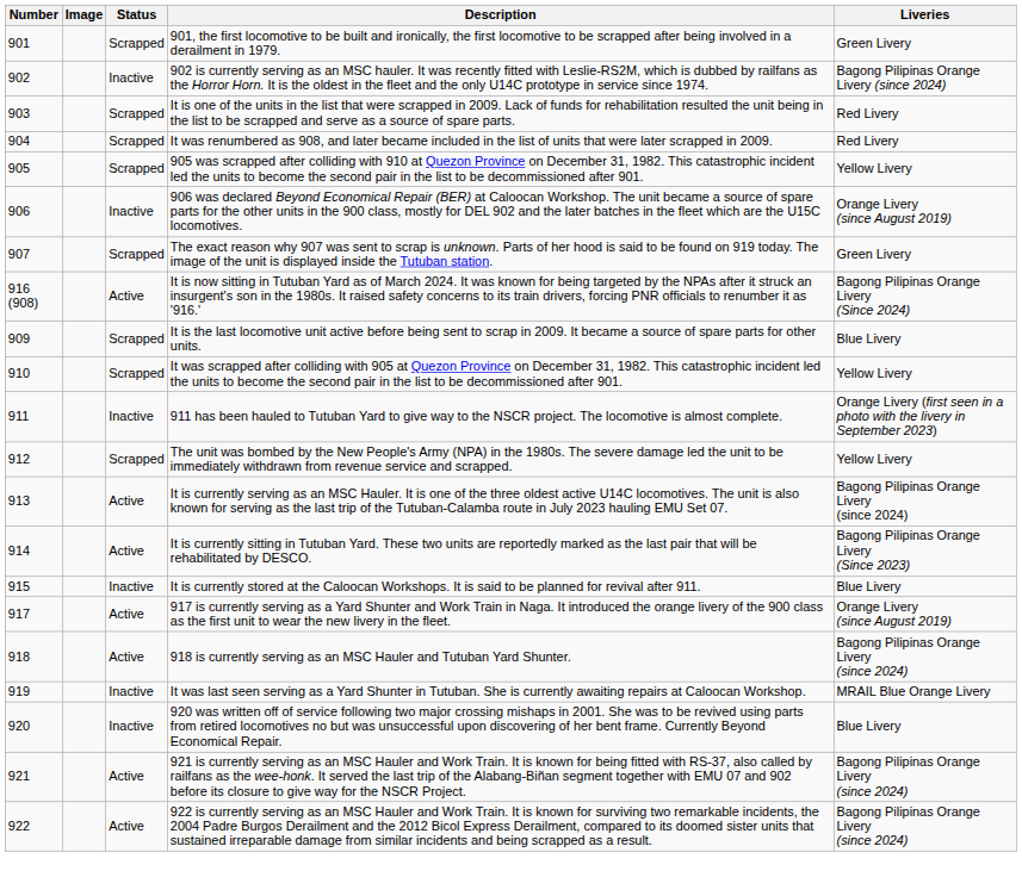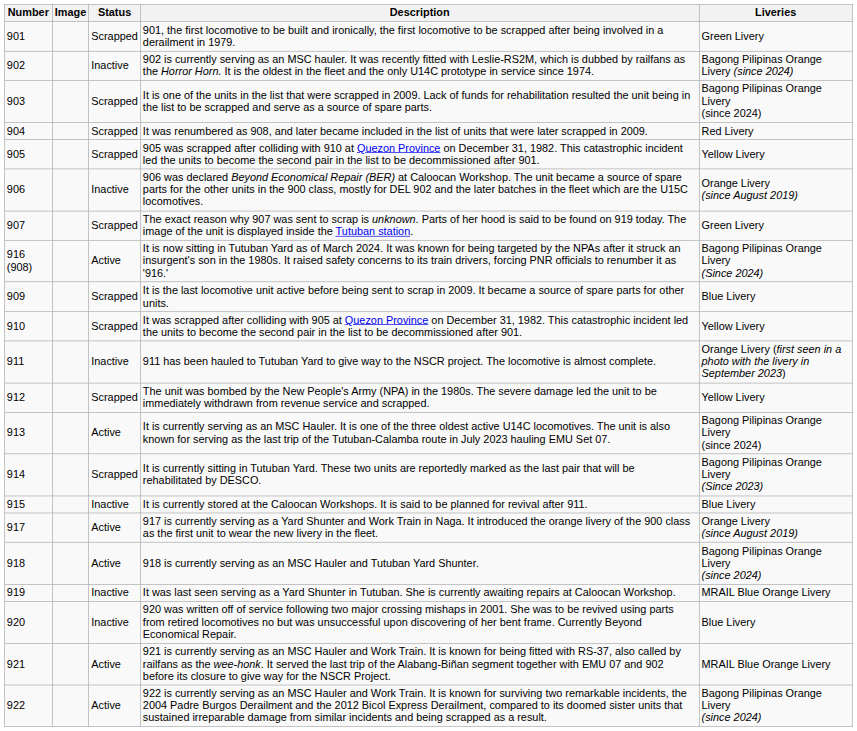 <table class="wikitable">
 <tr>
 <th>Number</th>
 <th>Image</th>
 <th>Status</th>
 <th>Description</th>
 <th>Liveries</th>
 </tr>
 <tr>
 <td>901</td>
 <td></td>
 <td>Scrapped</td>
 <td>901, the first locomotive to be built and ironically, the first locomotive to be scrapped after being involved in a derailment in 1979.</td>
 <td>Green Livery</td>
 </tr>
 <tr>
 <td>902</td>
 <td></td>
 <td>Inactive</td>
 <td>902 is currently serving as an MSC hauler. It was recently fitted with Leslie-RS2M, which is dubbed by railfans as the <em>Horror Horn.</em> It is the oldest in the fleet and the only U14C prototype in service since 1974.</td>
 <td>Bagong Pilipinas Orange Livery <em>(since 2024)</em></td>
 </tr>
 <tr>
 <td>903</td>
 <td></td>
 <td>Scrapped</td>
 <td>It is one of the units in the list that were scrapped in 2009. Lack of funds for rehabilitation resulted the unit being in the list to be scrapped and serve as a source of spare parts.</td>
-<td>Red Livery</td>
+<td>Bagong Pilipinas Orange Livery<br>(since 2024)</td>
 </tr>
 <tr>
 <td>904</td>
 <td></td>
 <td>Scrapped</td>
 <td>It was renumbered as 908, and later became included in the list of units that were later scrapped in 2009.</td>
 <td>Red Livery</td>
 </tr>
 <tr>
 <td>905</td>
 <td></td>
 <td>Scrapped</td>
 <td>905 was scrapped after colliding with 910 at <a href='#'>Quezon Province</a> on December 31, 1982. This catastrophic incident led the units to become the second pair in the list to be decommissioned after 901.</td>
 <td>Yellow Livery</td>
 </tr>
 <tr>
 <td>906</td>
 <td></td>
 <td>Inactive</td>
 <td>906 was declared <em>Beyond Economical Repair (BER)</em> at Caloocan Workshop. The unit became a source of spare parts for the other units in the 900 class, mostly for DEL 902 and the later batches in the fleet which are the U15C locomotives.</td>
 <td>Orange Livery<br><em>(since August 2019)</em></td>
 </tr>
 <tr>
 <td>907</td>
 <td></td>
 <td>Scrapped</td>
 <td>The exact reason why 907 was sent to scrap is <em>unknown</em>. Parts of her hood is said to be found on 919 today. The image of the unit is displayed inside the <a href='#'>Tutuban station</a>.</td>
 <td>Green Livery</td>
 </tr>
 <tr>
 <td>916 (908)</td>
 <td></td>
 <td>Active</td>
 <td>It is now sitting in Tutuban Yard as of March 2024. It was known for being targeted by the NPAs after it struck an insurgent's son in the 1980s. It raised safety concerns to its train drivers, forcing PNR officials to renumber it as '916.'</td>
 <td>Bagong Pilipinas Orange Livery<br><em>(Since 2024)</em></td>
 </tr>
 <tr>
 <td>909</td>
 <td></td>
 <td>Scrapped</td>
 <td>It is the last locomotive unit active before being sent to scrap in 2009. It became a source of spare parts for other units.</td>
 <td>Blue Livery</td>
 </tr>
 <tr>
 <td>910</td>
 <td></td>
 <td>Scrapped</td>
 <td>It was scrapped after colliding with 905 at <a href='#'>Quezon Province</a> on December 31, 1982. This catastrophic incident led the units to become the second pair in the list to be decommissioned after 901.</td>
 <td>Yellow Livery</td>
 </tr>
 <tr>
 <td>911</td>
 <td></td>
 <td>Inactive</td>
 <td>911 has been hauled to Tutuban Yard to give way to the NSCR project. The locomotive is almost complete.</td>
 <td>Orange Livery (<em>first seen in a photo with the livery in September 2023</em>)</td>
 </tr>
 <tr>
 <td>912</td>
 <td></td>
 <td>Scrapped</td>
 <td>The unit was bombed by the New People's Army (NPA) in the 1980s. The severe damage led the unit to be immediately withdrawn from revenue service and scrapped.</td>
 <td>Yellow Livery</td>
 </tr>
 <tr>
 <td>913</td>
 <td></td>
 <td>Active</td>
 <td>It is currently serving as an MSC Hauler. It is one of the three oldest active U14C locomotives. The unit is also known for serving as the last trip of the Tutuban-Calamba route in July 2023 hauling EMU Set 07.</td>
 <td>Bagong Pilipinas Orange Livery<br>(since 2024)</td>
 </tr>
 <tr>
 <td>914</td>
 <td></td>
-<td>Active</td>
+<td>Scrapped</td>
 <td>It is currently sitting in Tutuban Yard. These two units are reportedly marked as the last pair that will be rehabilitated by DESCO.</td>
 <td>Bagong Pilipinas Orange Livery<br><em>(Since 2023)</em></td>
 </tr>
 <tr>
 <td>915</td>
 <td></td>
 <td>Inactive</td>
 <td>It is currently stored at the Caloocan Workshops. It is said to be planned for revival after 911.</td>
 <td>Blue Livery</td>
 </tr>
 <tr>
 <td>917</td>
 <td></td>
 <td>Active</td>
 <td>917 is currently serving as a Yard Shunter and Work Train in Naga. It introduced the orange livery of the 900 class as the first unit to wear the new livery in the fleet.</td>
 <td>Orange Livery<br><em>(since August 2019)</em></td>
 </tr>
 <tr>
 <td>918</td>
 <td></td>
 <td>Active</td>
 <td>918 is currently serving as an MSC Hauler and Tutuban Yard Shunter.</td>
 <td>Bagong Pilipinas Orange Livery<br><em>(since 2024)</em></td>
 </tr>
 <tr>
 <td>919</td>
 <td></td>
 <td>Inactive</td>
 <td>It was last seen serving as a Yard Shunter in Tutuban. She is currently awaiting repairs at Caloocan Workshop.</td>
 <td>MRAIL Blue Orange Livery</td>
 </tr>
 <tr>
 <td>920</td>
 <td></td>
 <td>Inactive</td>
 <td>920 was written off of service following two major crossing mishaps in 2001. She was to be revived using parts from retired locomotives no but was unsuccessful upon discovering of her bent frame. Currently Beyond Economical Repair.</td>
 <td>Blue Livery</td>
 </tr>
 <tr>
 <td>921</td>
 <td></td>
 <td>Active</td>
 <td>921 is currently serving as an MSC Hauler and Work Train. It is known for being fitted with RS-37, also called by railfans as the <em>wee-honk</em>. It served the last trip of the Alabang-Biñan segment together with EMU 07 and 902 before its closure to give way for the NSCR Project.</td>
-<td>Bagong Pilipinas Orange Livery<br><em>(since 2024)</em></td>
+<td>MRAIL Blue Orange Livery</td>
 </tr>
 <tr>
 <td>922</td>
 <td></td>
 <td>Active</td>
 <td>922 is currently serving as an MSC Hauler and Work Train. It is known for surviving two remarkable incidents, the 2004 Padre Burgos Derailment and the 2012 Bicol Express Derailment, compared to its doomed sister units that sustained irreparable damage from similar incidents and being scrapped as a result.</td>
 <td>Bagong Pilipinas Orange Livery<br><em>(since 2024)</em></td>
 </tr>
 </table>
